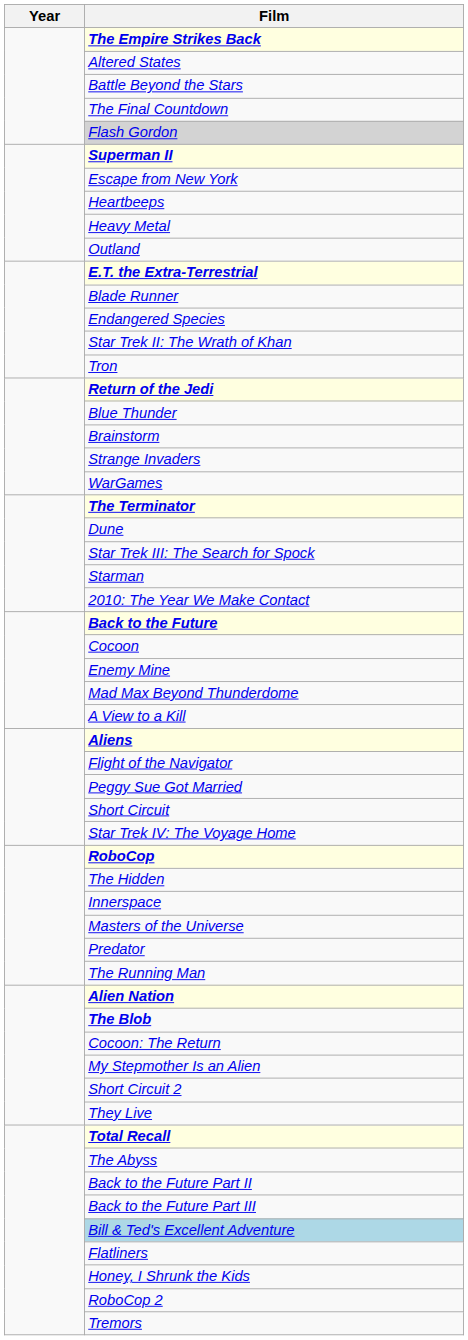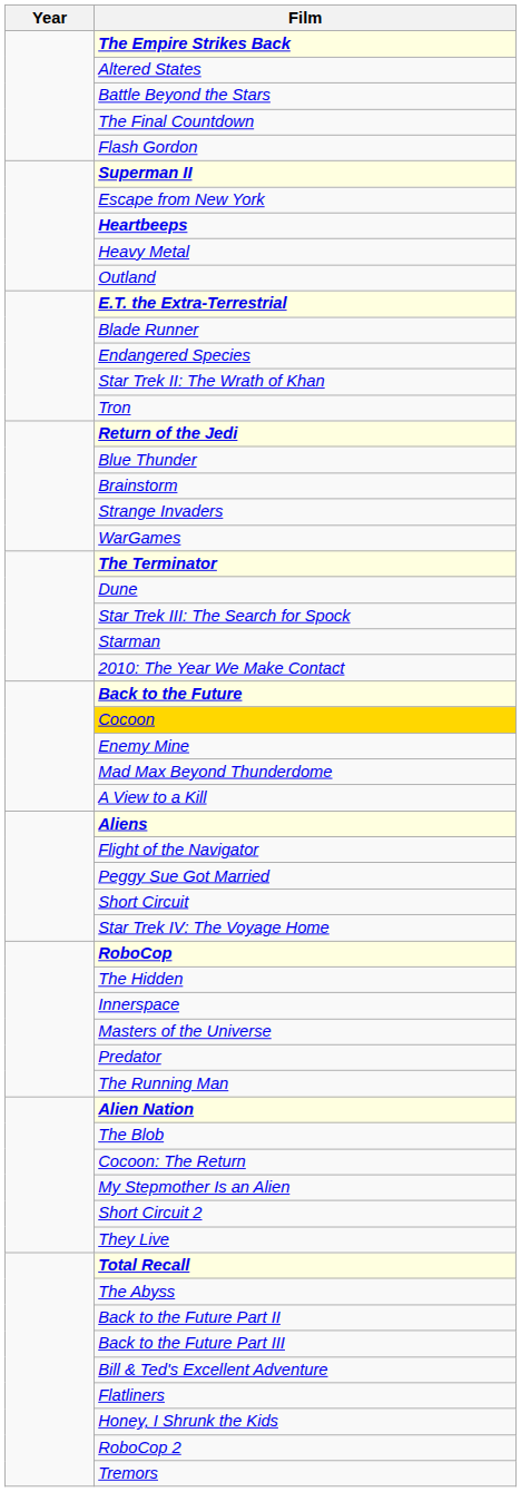 <table width="500" align="centre" class="wikitable">
 <tr>
 <th width="80">Year</th>
 <th>Film</th>
 </tr>
 <tr>
 <td rowspan=5></td>
 <td style="background:lightyellow"><strong><em><a href='#'>The Empire Strikes Back</a></em></strong></td>
 </tr>
 <tr>
 <td><em><a href='#'>Altered States</a></em></td>
 </tr>
 <tr>
 <td><em><a href='#'>Battle Beyond the Stars</a></em></td>
 </tr>
 <tr>
 <td><em><a href='#'>The Final Countdown</a></em></td>
 </tr>
 <tr>
-<td style="background: lightgrey;"><em><a href='#'>Flash Gordon</a></em></td>
+<td><em><a href='#'>Flash Gordon</a></em></td>
 </tr>
 <tr>
 <td rowspan=5></td>
 <td style="background:lightyellow"><strong><em><a href='#'>Superman II</a></em></strong></td>
 </tr>
 <tr>
 <td><em><a href='#'>Escape from New York</a></em></td>
 </tr>
 <tr>
-<td><em><a href='#'>Heartbeeps</a></em></td>
+<td><strong><em><a href='#'>Heartbeeps</a></em></strong></td>
 </tr>
 <tr>
 <td><em><a href='#'>Heavy Metal</a></em></td>
 </tr>
 <tr>
 <td><em><a href='#'>Outland</a></em></td>
 </tr>
 <tr>
 <td rowspan=5></td>
 <td style="background:lightyellow"><strong><em><a href='#'>E.T. the Extra-Terrestrial</a></em></strong></td>
 </tr>
 <tr>
 <td><em><a href='#'>Blade Runner</a></em></td>
 </tr>
 <tr>
 <td><em><a href='#'>Endangered Species</a></em></td>
 </tr>
 <tr>
 <td><em><a href='#'>Star Trek II: The Wrath of Khan</a></em></td>
 </tr>
 <tr>
 <td><em><a href='#'>Tron</a></em></td>
 </tr>
 <tr>
 <td rowspan=5></td>
 <td style="background:lightyellow"><strong><em><a href='#'>Return of the Jedi</a></em></strong></td>
 </tr>
 <tr>
 <td><em><a href='#'>Blue Thunder</a></em></td>
 </tr>
 <tr>
 <td><em><a href='#'>Brainstorm</a></em></td>
 </tr>
 <tr>
 <td><em><a href='#'>Strange Invaders</a></em></td>
 </tr>
 <tr>
 <td><em><a href='#'>WarGames</a></em></td>
 </tr>
 <tr>
 <td rowspan=5></td>
 <td style="background:lightyellow"><strong><em><a href='#'>The Terminator</a></em></strong></td>
 </tr>
 <tr>
 <td><em><a href='#'>Dune</a></em></td>
 </tr>
 <tr>
 <td><em><a href='#'>Star Trek III: The Search for Spock</a></em></td>
 </tr>
 <tr>
 <td><em><a href='#'>Starman</a></em></td>
 </tr>
 <tr>
 <td><em><a href='#'>2010: The Year We Make Contact</a></em></td>
 </tr>
 <tr>
 <td rowspan=5></td>
 <td style="background:lightyellow"><strong><em><a href='#'>Back to the Future</a></em></strong></td>
 </tr>
 <tr>
-<td><em><a href='#'>Cocoon</a></em></td>
+<td style="background: gold;"><em><a href='#'>Cocoon</a></em></td>
 </tr>
 <tr>
 <td><em><a href='#'>Enemy Mine</a></em></td>
 </tr>
 <tr>
 <td><em><a href='#'>Mad Max Beyond Thunderdome</a></em></td>
 </tr>
 <tr>
 <td><em><a href='#'>A View to a Kill</a></em></td>
 </tr>
 <tr>
 <td rowspan=5></td>
 <td style="background:lightyellow"><strong><em><a href='#'>Aliens</a></em></strong></td>
 </tr>
 <tr>
 <td><em><a href='#'>Flight of the Navigator</a></em></td>
 </tr>
 <tr>
 <td><em><a href='#'>Peggy Sue Got Married</a></em></td>
 </tr>
 <tr>
 <td><em><a href='#'>Short Circuit</a></em></td>
 </tr>
 <tr>
 <td><em><a href='#'>Star Trek IV: The Voyage Home</a></em></td>
 </tr>
 <tr>
 <td rowspan=6></td>
 <td style="background:lightyellow"><strong><em><a href='#'>RoboCop</a></em></strong></td>
 </tr>
 <tr>
 <td><em><a href='#'>The Hidden</a></em></td>
 </tr>
 <tr>
 <td><em><a href='#'>Innerspace</a></em></td>
 </tr>
 <tr>
 <td><em><a href='#'>Masters of the Universe</a></em></td>
 </tr>
 <tr>
 <td><em><a href='#'>Predator</a></em></td>
 </tr>
 <tr>
 <td><em><a href='#'>The Running Man</a></em></td>
 </tr>
 <tr>
 <td rowspan=6></td>
 <td style="background:lightyellow"><strong><em><a href='#'>Alien Nation</a></em></strong></td>
 </tr>
 <tr>
-<td><strong><em><a href='#'>The Blob</a></em></strong></td>
+<td><em><a href='#'>The Blob</a></em></td>
 </tr>
 <tr>
 <td><em><a href='#'>Cocoon: The Return</a></em></td>
 </tr>
 <tr>
 <td><em><a href='#'>My Stepmother Is an Alien</a></em></td>
 </tr>
 <tr>
 <td><em><a href='#'>Short Circuit 2</a></em></td>
 </tr>
 <tr>
 <td><em><a href='#'>They Live</a></em></td>
 </tr>
 <tr>
 <td rowspan=9></td>
 <td style="background:lightyellow"><strong><em><a href='#'>Total Recall</a></em></strong></td>
 </tr>
 <tr>
 <td><em><a href='#'>The Abyss</a></em></td>
 </tr>
 <tr>
 <td><em><a href='#'>Back to the Future Part II</a></em></td>
 </tr>
 <tr>
 <td><em><a href='#'>Back to the Future Part III</a></em></td>
 </tr>
 <tr>
-<td style="background: lightblue;"><em><a href='#'>Bill & Ted's Excellent Adventure</a></em></td>
+<td><em><a href='#'>Bill & Ted's Excellent Adventure</a></em></td>
 </tr>
 <tr>
 <td><em><a href='#'>Flatliners</a></em></td>
 </tr>
 <tr>
 <td><em><a href='#'>Honey, I Shrunk the Kids</a></em></td>
 </tr>
 <tr>
 <td><em><a href='#'>RoboCop 2</a></em></td>
 </tr>
 <tr>
 <td><em><a href='#'>Tremors</a></em></td>
 </tr>
 </table>
